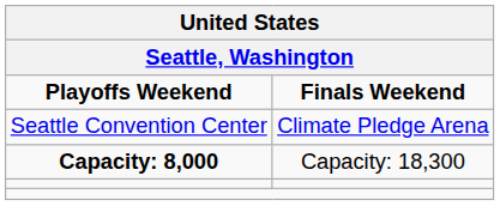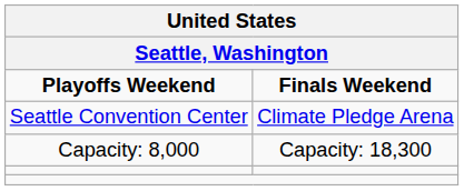 <table class="wikitable" style="text-align:center;">
 <tr>
 <th colspan="2">United States</th>
 </tr>
 <tr>
 <th colspan="2"><a href='#'>Seattle, Washington</a></th>
 </tr>
 <tr>
 <td><strong>Playoffs Weekend</strong></td>
 <td><strong>Finals Weekend</strong></td>
 </tr>
 <tr>
 <td><a href='#'>Seattle Convention Center</a></td>
 <td><a href='#'>Climate Pledge Arena</a></td>
 </tr>
 <tr>
-<td><strong>Capacity: 8,000</strong></td>
+<td>Capacity: 8,000</td>
 <td>Capacity: 18,300</td>
 </tr>
 <tr>
 <td></td>
 <td></td>
 </tr>
 <tr>
 <td colspan="2"></td>
 </tr>
 </table>
